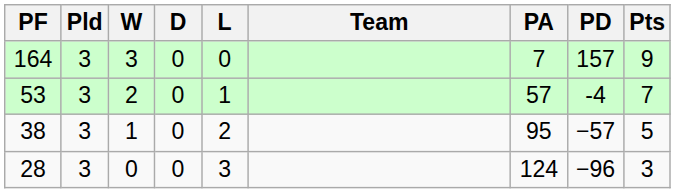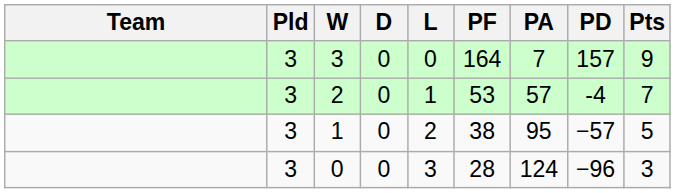 <table class="wikitable" style="text-align:center;">
 <tr>
-<th width=32 abbr="Points for">PF</th>
+<th width=175>Team</th>
 <th width=25 abbr="Played">Pld</th>
 <th width=25 abbr="Won">W</th>
 <th width=25 abbr="Drawn">D</th>
 <th width=25 abbr="Lost">L</th>
-<th width=175>Team</th>
+<th width=32 abbr="Points for">PF</th>
 <th width=32 abbr="Points against">PA</th>
 <th width=32 abbr="Points difference">PD</th>
 <th width=25 abbr="Points">Pts</th>
 </tr>
 <tr bgcolor="#ccffcc">
-<td>164</td>
+<td align=left></td>
 <td>3</td>
 <td>3</td>
 <td>0</td>
 <td>0</td>
-<td align=left></td>
+<td>164</td>
 <td>7</td>
 <td>157</td>
 <td>9</td>
 </tr>
 <tr bgcolor="#ccffcc">
-<td>53</td>
+<td align=left></td>
 <td>3</td>
 <td>2</td>
 <td>0</td>
 <td>1</td>
-<td align=left></td>
+<td>53</td>
 <td>57</td>
 <td>-4</td>
 <td>7</td>
 </tr>
 <tr>
-<td>38</td>
+<td align=left></td>
 <td>3</td>
 <td>1</td>
 <td>0</td>
 <td>2</td>
-<td align=left></td>
+<td>38</td>
 <td>95</td>
 <td>−57</td>
 <td>5</td>
 </tr>
 <tr>
-<td>28</td>
+<td align=left></td>
 <td>3</td>
 <td>0</td>
 <td>0</td>
 <td>3</td>
-<td align=left></td>
+<td>28</td>
 <td>124</td>
 <td>−96</td>
 <td>3</td>
 </tr>
 </table>
